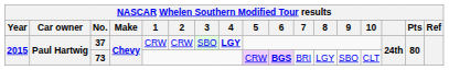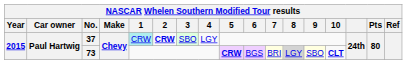 <table class="wikitable " style="text-align:center; font-size:75%">
 <tr>
 <th colspan=23><a href='#'>NASCAR</a> <a href='#'>Whelen Southern Modified Tour</a> results</th>
 </tr>
 <tr>
 <th>Year</th>
 <th>Car owner</th>
 <th>No.</th>
 <th>Make</th>
 <th>1</th>
 <th>2</th>
 <th>3</th>
 <th>4</th>
 <th>5</th>
 <th>6</th>
 <th>7</th>
 <th>8</th>
 <th>9</th>
 <th>10</th>
 <th></th>
 <th>Pts</th>
 <th>Ref</th>
 </tr>
 <tr>
 <th rowspan=2><a href='#'>2015</a></th>
 <th rowspan=2>Paul Hartwig</th>
 <th>37</th>
 <th rowspan=2><a href='#'>Chevy</a></th>
-<td><a href='#'>CRW</a></td>
-<td><a href='#'>CRW</a></td>
+<td style="background: paleturquoise;"><a href='#'>CRW</a></td>
+<td><strong><a href='#'>CRW</a></strong></td>
 <td style="background:#DFFFDF;"><a href='#'>SBO</a><br></td>
-<td><strong><a href='#'>LGY</a></strong></td>
+<td><a href='#'>LGY</a></td>
 <td colspan=6></td>
 <th rowspan=2>24th</th>
 <th rowspan=2>80</th>
 <th rowspan=2></th>
 </tr>
 <tr>
 <th>73</th>
 <td colspan=4></td>
-<td style="background:#EFCFFF;"><a href='#'>CRW</a><br></td>
-<td style="background:#EFCFFF;"><strong><a href='#'>BGS</a><br></strong></td>
-<td><a href='#'>BRI</a></td>
-<td><a href='#'>LGY</a></td>
-<td><a href='#'>SBO</a></td>
-<td><a href='#'>CLT</a></td>
+<td style="background:#EFCFFF;"><strong><a href='#'>CRW</a><br></strong></td>
+<td style="background:#EFCFFF;"><a href='#'>BGS</a><br></td>
+<td style="background: lightyellow;"><a href='#'>BRI</a></td>
+<td style="background: lightgrey;"><a href='#'>LGY</a></td>
+<td style="background: lightyellow;"><a href='#'>SBO</a></td>
+<td><strong><a href='#'>CLT</a></strong></td>
 </tr>
 </table>
